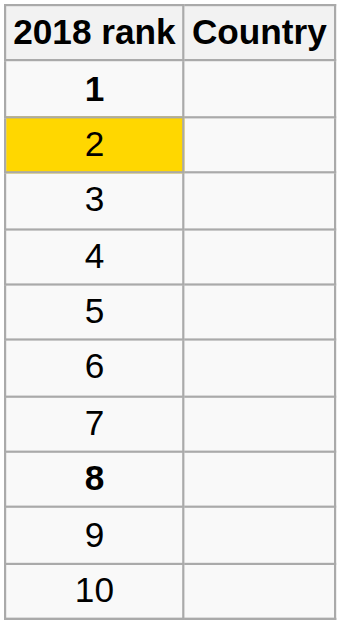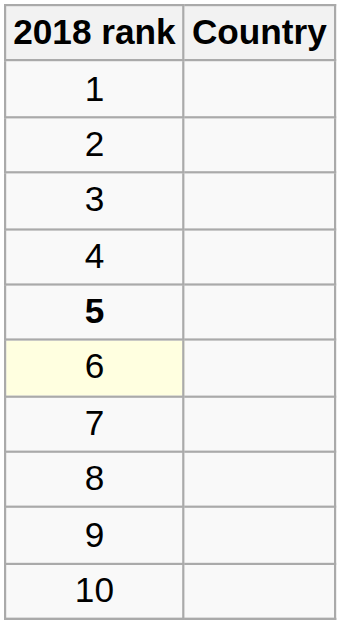 <table class="sortable wikitable" style="text-align:center">
 <tr>
 <th>2018 rank</th>
 <th>Country</th>
 </tr>
 <tr>
-<td><strong>1</strong></td>
+<td>1</td>
 <td style="text-align:left;"></td>
 </tr>
 <tr>
-<td style="background: gold;">2</td>
+<td>2</td>
 <td style="text-align:left;"></td>
 </tr>
 <tr>
 <td>3</td>
 <td style="text-align:left;"></td>
 </tr>
 <tr>
 <td>4</td>
 <td style="text-align:left;"></td>
 </tr>
 <tr>
-<td>5</td>
+<td><strong>5</strong></td>
 <td style="text-align:left;"></td>
 </tr>
 <tr>
-<td>6</td>
+<td style="background: lightyellow;">6</td>
 <td style="text-align:left;"></td>
 </tr>
 <tr>
 <td>7</td>
 <td style="text-align:left;"></td>
 </tr>
 <tr>
-<td><strong>8</strong></td>
+<td>8</td>
 <td style="text-align:left;"></td>
 </tr>
 <tr>
 <td>9</td>
 <td style="text-align:left;"></td>
 </tr>
 <tr>
 <td>10</td>
 <td style="text-align:left;"></td>
 </tr>
 <tr>
 </tr>
 </table>
